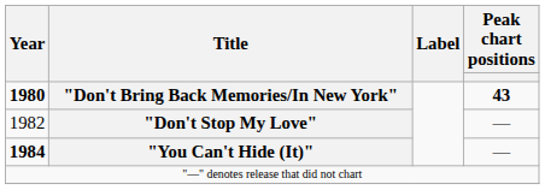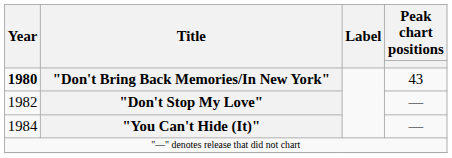 <table class="wikitable plainrowheaders" style="text-align:center;">
 <tr>
 <th rowspan="2">Year</th>
 <th rowspan="2" style="width:20em;">Title</th>
 <th rowspan="2">Label</th>
 <th>Peak chart positions</th>
 </tr>
 <tr>
 <th width="40"></th>
 </tr>
 <tr>
 <td><strong>1980</strong></td>
 <th scope="row">"Don't Bring Back Memories/In New York"</th>
 <td rowspan="3"></td>
-<td align=center><strong>43</strong></td>
+<td align=center>43</td>
 </tr>
 <tr>
 <td>1982</td>
 <th scope="row">"Don't Stop My Love"</th>
 <td align=center>―</td>
 </tr>
 <tr>
-<td><strong>1984</strong></td>
+<td>1984</td>
 <th scope="row">"You Can't Hide (It)"</th>
 <td align=center>―</td>
 </tr>
 <tr>
 <td colspan="8" style="font-size:8pt">"—" denotes release that did not chart</td>
 </tr>
 <tr>
 </tr>
 </table>
